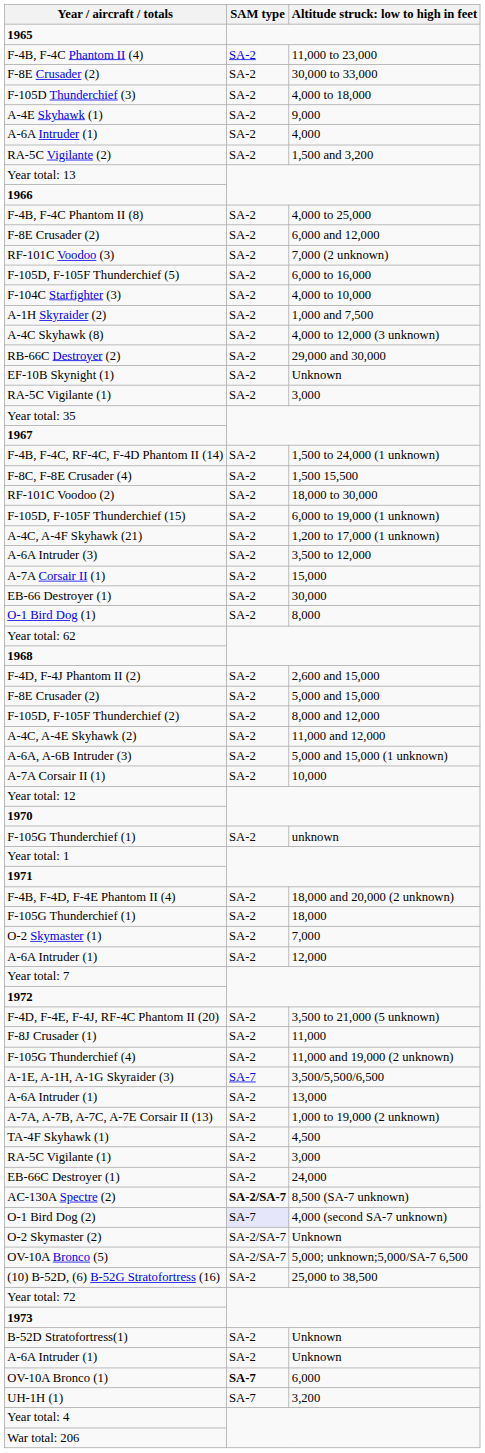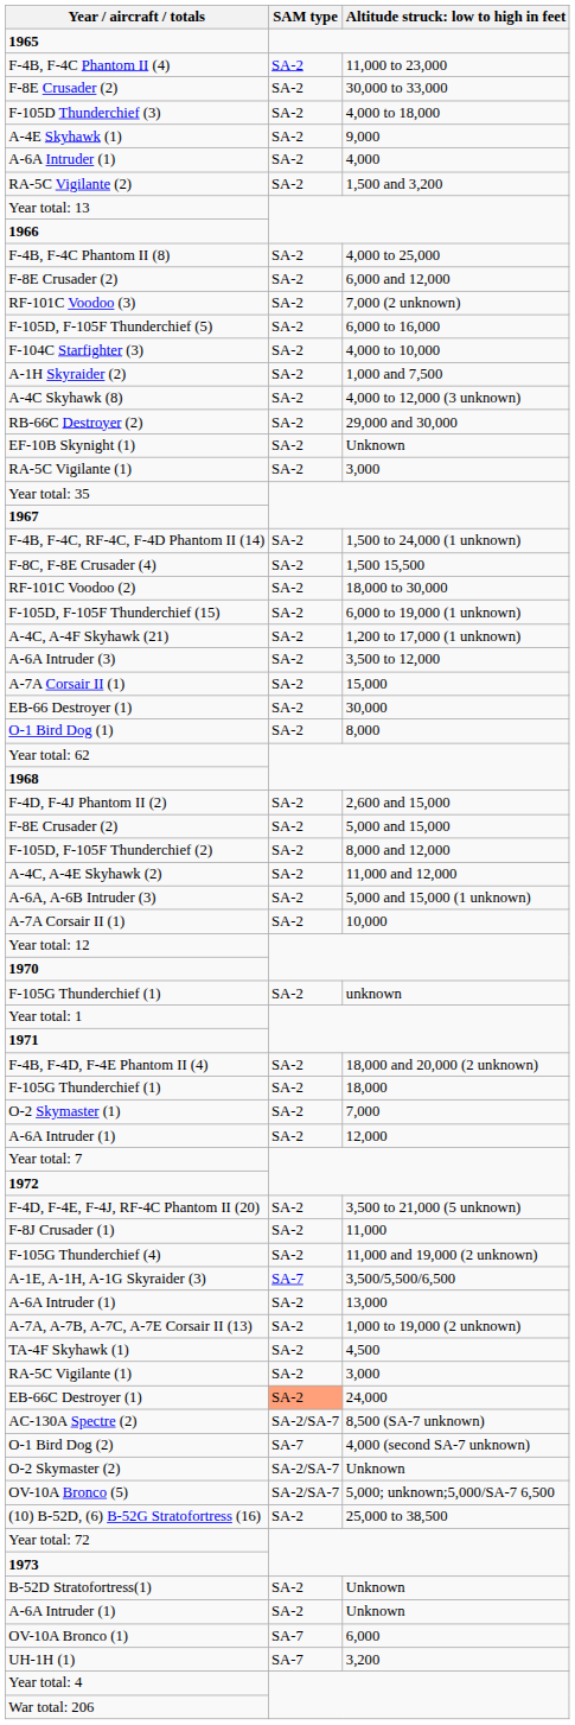 <table class="wikitable">
 <tr>
 <th>Year / aircraft / totals</th>
 <th>SAM type</th>
 <th>Altitude struck: low to high in feet</th>
 </tr>
 <tr>
 <td><strong>1965</strong></td>
 </tr>
 <tr>
 <td>F-4B, F-4C <a href='#'>Phantom II</a> (4)</td>
 <td><a href='#'>SA-2</a></td>
 <td>11,000 to 23,000</td>
 </tr>
 <tr>
 <td>F-8E <a href='#'>Crusader</a> (2)</td>
 <td>SA-2</td>
 <td>30,000 to 33,000</td>
 </tr>
 <tr>
 <td>F-105D <a href='#'>Thunderchief</a> (3)</td>
 <td>SA-2</td>
 <td>4,000 to 18,000</td>
 </tr>
 <tr>
 <td>A-4E <a href='#'>Skyhawk</a> (1)</td>
 <td>SA-2</td>
 <td>9,000</td>
 </tr>
 <tr>
 <td>A-6A <a href='#'>Intruder</a> (1)</td>
 <td>SA-2</td>
 <td>4,000</td>
 </tr>
 <tr>
 <td>RA-5C <a href='#'>Vigilante</a> (2)</td>
 <td>SA-2</td>
 <td>1,500 and 3,200</td>
 </tr>
 <tr>
 <td>Year total: 13</td>
 </tr>
 <tr>
 <td><strong>1966</strong></td>
 </tr>
 <tr>
 <td>F-4B, F-4C Phantom II (8)</td>
 <td>SA-2</td>
 <td>4,000 to 25,000</td>
 </tr>
 <tr>
 <td>F-8E Crusader (2)</td>
 <td>SA-2</td>
 <td>6,000 and 12,000</td>
 </tr>
 <tr>
 <td>RF-101C <a href='#'>Voodoo</a> (3)</td>
 <td>SA-2</td>
 <td>7,000 (2 unknown)</td>
 </tr>
 <tr>
 <td>F-105D, F-105F Thunderchief (5)</td>
 <td>SA-2</td>
 <td>6,000 to 16,000</td>
 </tr>
 <tr>
 <td>F-104C <a href='#'>Starfighter</a> (3)</td>
 <td>SA-2</td>
 <td>4,000 to 10,000</td>
 </tr>
 <tr>
 <td>A-1H <a href='#'>Skyraider</a> (2)</td>
 <td>SA-2</td>
 <td>1,000 and 7,500</td>
 </tr>
 <tr>
 <td>A-4C Skyhawk (8)</td>
 <td>SA-2</td>
 <td>4,000 to 12,000 (3 unknown)</td>
 </tr>
 <tr>
 <td>RB-66C <a href='#'>Destroyer</a> (2)</td>
 <td>SA-2</td>
 <td>29,000 and 30,000</td>
 </tr>
 <tr>
 <td>EF-10B Skynight (1)</td>
 <td>SA-2</td>
 <td>Unknown</td>
 </tr>
 <tr>
 <td>RA-5C Vigilante (1)</td>
 <td>SA-2</td>
 <td>3,000</td>
 </tr>
 <tr>
 <td>Year total: 35</td>
 </tr>
 <tr>
 <td><strong>1967</strong></td>
 </tr>
 <tr>
 <td>F-4B, F-4C, RF-4C, F-4D Phantom II (14)</td>
 <td>SA-2</td>
 <td>1,500 to 24,000 (1 unknown)</td>
 </tr>
 <tr>
 <td>F-8C, F-8E Crusader (4)</td>
 <td>SA-2</td>
 <td>1,500 15,500</td>
 </tr>
 <tr>
 <td>RF-101C Voodoo (2)</td>
 <td>SA-2</td>
 <td>18,000 to 30,000</td>
 </tr>
 <tr>
 <td>F-105D, F-105F Thunderchief (15)</td>
 <td>SA-2</td>
 <td>6,000 to 19,000 (1 unknown)</td>
 </tr>
 <tr>
 <td>A-4C, A-4F Skyhawk (21)</td>
 <td>SA-2</td>
 <td>1,200 to 17,000 (1 unknown)</td>
 </tr>
 <tr>
 <td>A-6A Intruder (3)</td>
 <td>SA-2</td>
 <td>3,500 to 12,000</td>
 </tr>
 <tr>
 <td>A-7A <a href='#'>Corsair II</a> (1)</td>
 <td>SA-2</td>
 <td>15,000</td>
 </tr>
 <tr>
 <td>EB-66 Destroyer (1)</td>
 <td>SA-2</td>
 <td>30,000</td>
 </tr>
 <tr>
 <td><a href='#'>O-1 Bird Dog</a> (1)</td>
 <td>SA-2</td>
 <td>8,000</td>
 </tr>
 <tr>
 <td>Year total: 62</td>
 </tr>
 <tr>
 <td><strong>1968</strong></td>
 </tr>
 <tr>
 <td>F-4D, F-4J Phantom II (2)</td>
 <td>SA-2</td>
 <td>2,600 and 15,000</td>
 </tr>
 <tr>
 <td>F-8E Crusader (2)</td>
 <td>SA-2</td>
 <td>5,000 and 15,000</td>
 </tr>
 <tr>
 <td>F-105D, F-105F Thunderchief (2)</td>
 <td>SA-2</td>
 <td>8,000 and 12,000</td>
 </tr>
 <tr>
 <td>A-4C, A-4E Skyhawk (2)</td>
 <td>SA-2</td>
 <td>11,000 and 12,000</td>
 </tr>
 <tr>
 <td>A-6A, A-6B Intruder (3)</td>
 <td>SA-2</td>
 <td>5,000 and 15,000 (1 unknown)</td>
 </tr>
 <tr>
 <td>A-7A Corsair II (1)</td>
 <td>SA-2</td>
 <td>10,000</td>
 </tr>
 <tr>
 <td>Year total: 12</td>
 </tr>
 <tr>
 <td><strong>1970</strong></td>
 </tr>
 <tr>
 <td>F-105G Thunderchief (1)</td>
 <td>SA-2</td>
 <td>unknown</td>
 </tr>
 <tr>
 <td>Year total: 1</td>
 </tr>
 <tr>
 <td><strong>1971</strong></td>
 </tr>
 <tr>
 <td>F-4B, F-4D, F-4E Phantom II (4)</td>
 <td>SA-2</td>
 <td>18,000 and 20,000 (2 unknown)</td>
 </tr>
 <tr>
 <td>F-105G Thunderchief (1)</td>
 <td>SA-2</td>
 <td>18,000</td>
 </tr>
 <tr>
 <td>O-2 <a href='#'>Skymaster</a> (1)</td>
 <td>SA-2</td>
 <td>7,000</td>
 </tr>
 <tr>
 <td>A-6A Intruder (1)</td>
 <td>SA-2</td>
 <td>12,000</td>
 </tr>
 <tr>
 <td>Year total: 7</td>
 </tr>
 <tr>
 <td><strong>1972</strong></td>
 </tr>
 <tr>
 <td>F-4D, F-4E, F-4J, RF-4C Phantom II (20)</td>
 <td>SA-2</td>
 <td>3,500 to 21,000 (5 unknown)</td>
 </tr>
 <tr>
 <td>F-8J Crusader (1)</td>
 <td>SA-2</td>
 <td>11,000</td>
 </tr>
 <tr>
 <td>F-105G Thunderchief (4)</td>
 <td>SA-2</td>
 <td>11,000 and 19,000 (2 unknown)</td>
 </tr>
 <tr>
 <td>A-1E, A-1H, A-1G Skyraider (3)</td>
 <td><a href='#'>SA-7</a></td>
 <td>3,500/5,500/6,500</td>
 </tr>
 <tr>
 <td>A-6A Intruder (1)</td>
 <td>SA-2</td>
 <td>13,000</td>
 </tr>
 <tr>
 <td>A-7A, A-7B, A-7C, A-7E Corsair II (13)</td>
 <td>SA-2</td>
 <td>1,000 to 19,000 (2 unknown)</td>
 </tr>
 <tr>
 <td>TA-4F Skyhawk (1)</td>
 <td>SA-2</td>
 <td>4,500</td>
 </tr>
 <tr>
 <td>RA-5C Vigilante (1)</td>
 <td>SA-2</td>
 <td>3,000</td>
 </tr>
 <tr>
 <td>EB-66C Destroyer (1)</td>
-<td>SA-2</td>
+<td style="background: lightsalmon;">SA-2</td>
 <td>24,000</td>
 </tr>
 <tr>
 <td>AC-130A <a href='#'>Spectre</a> (2)</td>
-<td><strong>SA-2/SA-7</strong></td>
+<td>SA-2/SA-7</td>
 <td>8,500 (SA-7 unknown)</td>
 </tr>
 <tr>
 <td>O-1 Bird Dog (2)</td>
-<td style="background: lavender;">SA-7</td>
+<td>SA-7</td>
 <td>4,000 (second SA-7 unknown)</td>
 </tr>
 <tr>
 <td>O-2 Skymaster (2)</td>
 <td>SA-2/SA-7</td>
 <td>Unknown</td>
 </tr>
 <tr>
 <td>OV-10A <a href='#'>Bronco</a> (5)</td>
 <td>SA-2/SA-7</td>
 <td>5,000; unknown;5,000/SA-7 6,500</td>
 </tr>
 <tr>
 <td>(10) B-52D, (6) <a href='#'>B-52G Stratofortress</a> (16)</td>
 <td>SA-2</td>
 <td>25,000 to 38,500</td>
 </tr>
 <tr>
 <td>Year total: 72</td>
 </tr>
 <tr>
 <td><strong>1973</strong></td>
 </tr>
 <tr>
 <td>B-52D Stratofortress(1)</td>
 <td>SA-2</td>
 <td>Unknown</td>
 </tr>
 <tr>
 <td>A-6A Intruder (1)</td>
 <td>SA-2</td>
 <td>Unknown</td>
 </tr>
 <tr>
 <td>OV-10A Bronco (1)</td>
-<td><strong>SA-7</strong></td>
+<td>SA-7</td>
 <td>6,000</td>
 </tr>
 <tr>
 <td>UH-1H (1)</td>
 <td>SA-7</td>
 <td>3,200</td>
 </tr>
 <tr>
 <td>Year total: 4</td>
 </tr>
 <tr>
 <td>War total: 206</td>
 </tr>
 </table>
